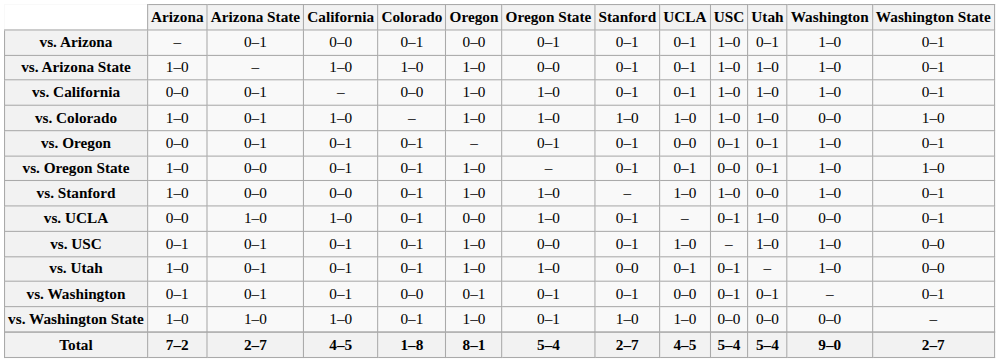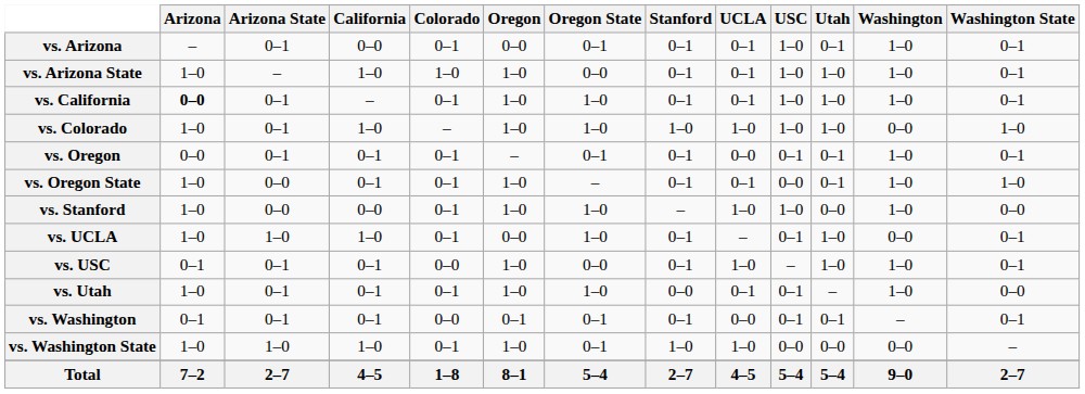 <table class="wikitable" style="white-space:nowrap;font-size:90%;">
 <tr>
 <th colspan=1 style="background:white; border-top-style:hidden; border-left-style:hidden;"   width=110> </th>
 <th><strong>Arizona</strong></th>
 <th style=><strong>Arizona State</strong></th>
 <th style=><strong>California</strong></th>
 <th style=><strong>Colorado</strong></th>
 <th style=><strong>Oregon</strong></th>
 <th style=><strong>Oregon State</strong></th>
 <th style=><strong>Stanford</strong></th>
 <th style=><strong>UCLA</strong></th>
 <th style=><strong>USC</strong></th>
 <th style=><strong>Utah</strong></th>
 <th style=><strong>Washington</strong></th>
 <th style=><strong>Washington State</strong></th>
 </tr>
 <tr style="text-align:center;">
 <th>vs. Arizona</th>
 <td>–</td>
 <td>0–1</td>
 <td>0–0</td>
 <td>0–1</td>
 <td>0–0</td>
 <td>0–1</td>
 <td>0–1</td>
 <td>0–1</td>
 <td>1–0</td>
 <td>0–1</td>
 <td>1–0</td>
 <td>0–1</td>
 </tr>
 <tr style="text-align:center;">
 <th>vs. Arizona State</th>
 <td>1–0</td>
 <td>–</td>
 <td>1–0</td>
 <td>1–0</td>
 <td>1–0</td>
 <td>0–0</td>
 <td>0–1</td>
 <td>0–1</td>
 <td>1–0</td>
 <td>1–0</td>
 <td>1–0</td>
 <td>0–1</td>
 </tr>
 <tr style="text-align:center;">
 <th>vs. California</th>
-<td>0–0</td>
+<td><strong>0–0</strong></td>
 <td>0–1</td>
 <td>–</td>
-<td>0–0</td>
+<td>0–1</td>
 <td>1–0</td>
 <td>1–0</td>
 <td>0–1</td>
 <td>0–1</td>
 <td>1–0</td>
 <td>1–0</td>
 <td>1–0</td>
 <td>0–1</td>
 </tr>
 <tr style="text-align:center;">
 <th>vs. Colorado</th>
 <td>1–0</td>
 <td>0–1</td>
 <td>1–0</td>
 <td>–</td>
 <td>1–0</td>
 <td>1–0</td>
 <td>1–0</td>
 <td>1–0</td>
 <td>1–0</td>
 <td>1–0</td>
 <td>0–0</td>
 <td>1–0</td>
 </tr>
 <tr style="text-align:center;">
 <th>vs. Oregon</th>
 <td>0–0</td>
 <td>0–1</td>
 <td>0–1</td>
 <td>0–1</td>
 <td>–</td>
 <td>0–1</td>
 <td>0–1</td>
 <td>0–0</td>
 <td>0–1</td>
 <td>0–1</td>
 <td>1–0</td>
 <td>0–1</td>
 </tr>
 <tr style="text-align:center;">
 <th>vs. Oregon State</th>
 <td>1–0</td>
 <td>0–0</td>
 <td>0–1</td>
 <td>0–1</td>
 <td>1–0</td>
 <td>–</td>
 <td>0–1</td>
 <td>0–1</td>
 <td>0–0</td>
 <td>0–1</td>
 <td>1–0</td>
 <td>1–0</td>
 </tr>
 <tr style="text-align:center;">
 <th>vs. Stanford</th>
 <td>1–0</td>
 <td>0–0</td>
 <td>0–0</td>
 <td>0–1</td>
 <td>1–0</td>
 <td>1–0</td>
 <td>–</td>
 <td>1–0</td>
 <td>1–0</td>
 <td>0–0</td>
 <td>1–0</td>
-<td>0–1</td>
+<td>0–0</td>
 </tr>
 <tr style="text-align:center;">
 <th>vs. UCLA</th>
-<td>0–0</td>
+<td>1–0</td>
 <td>1–0</td>
 <td>1–0</td>
 <td>0–1</td>
 <td>0–0</td>
 <td>1–0</td>
 <td>0–1</td>
 <td>–</td>
 <td>0–1</td>
 <td>1–0</td>
 <td>0–0</td>
 <td>0–1</td>
 </tr>
 <tr style="text-align:center;">
 <th>vs. USC</th>
 <td>0–1</td>
 <td>0–1</td>
 <td>0–1</td>
-<td>0–1</td>
+<td>0–0</td>
 <td>1–0</td>
 <td>0–0</td>
 <td>0–1</td>
 <td>1–0</td>
 <td>–</td>
 <td>1–0</td>
 <td>1–0</td>
-<td>0–0</td>
+<td>0–1</td>
 </tr>
 <tr style="text-align:center;">
 <th>vs. Utah</th>
 <td>1–0</td>
 <td>0–1</td>
 <td>0–1</td>
 <td>0–1</td>
 <td>1–0</td>
 <td>1–0</td>
 <td>0–0</td>
 <td>0–1</td>
 <td>0–1</td>
 <td>–</td>
 <td>1–0</td>
 <td>0–0</td>
 </tr>
 <tr style="text-align:center;">
 <th>vs. Washington</th>
 <td>0–1</td>
 <td>0–1</td>
 <td>0–1</td>
 <td>0–0</td>
 <td>0–1</td>
 <td>0–1</td>
 <td>0–1</td>
 <td>0–0</td>
 <td>0–1</td>
 <td>0–1</td>
 <td>–</td>
 <td>0–1</td>
 </tr>
 <tr style="text-align:center;">
 <th>vs. Washington State</th>
 <td>1–0</td>
 <td>1–0</td>
 <td>1–0</td>
 <td>0–1</td>
 <td>1–0</td>
 <td>0–1</td>
 <td>1–0</td>
 <td>1–0</td>
 <td>0–0</td>
 <td>0–0</td>
 <td>0–0</td>
 <td>–</td>
 </tr>
 <tr style="text-align:center;">
 </tr>
 <tr style="text-align:center;">
 <th>Total</th>
 <th>7–2</th>
 <th>2–7</th>
 <th>4–5</th>
 <th>1–8</th>
 <th>8–1</th>
 <th>5–4</th>
 <th>2–7</th>
 <th>4–5</th>
 <th>5–4</th>
 <th>5–4</th>
 <th>9–0</th>
 <th>2–7</th>
 </tr>
 </table>
